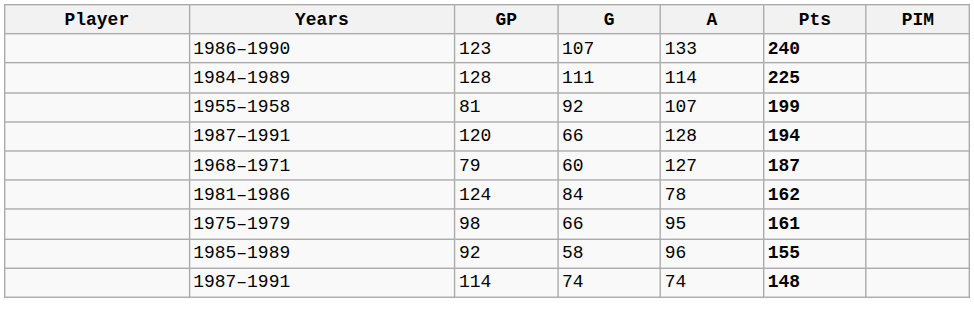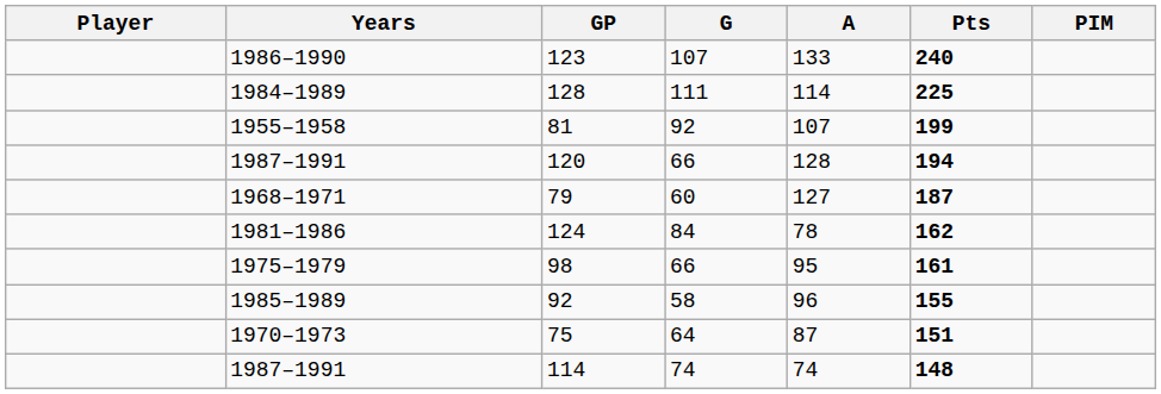 <table class="wikitable sortable" width ="700" cellpadding="1" border="1" cellspacing="0">
 <tr>
 <th>Player</th>
 <th>Years</th>
 <th>GP</th>
 <th>G</th>
 <th>A</th>
 <th>Pts</th>
 <th>PIM</th>
 </tr>
 <tr>
 <td></td>
 <td>1986–1990</td>
 <td>123</td>
 <td>107</td>
 <td>133</td>
 <td><strong>240</strong></td>
 <td></td>
 </tr>
 <tr>
 <td></td>
 <td>1984–1989</td>
 <td>128</td>
 <td>111</td>
 <td>114</td>
 <td><strong>225</strong></td>
 <td></td>
 </tr>
 <tr>
 <td></td>
 <td>1955–1958</td>
 <td>81</td>
 <td>92</td>
 <td>107</td>
 <td><strong>199</strong></td>
 <td></td>
 </tr>
 <tr>
 <td></td>
 <td>1987–1991</td>
 <td>120</td>
 <td>66</td>
 <td>128</td>
 <td><strong>194</strong></td>
 <td></td>
 </tr>
 <tr>
 <td></td>
 <td>1968–1971</td>
 <td>79</td>
 <td>60</td>
 <td>127</td>
 <td><strong>187</strong></td>
 <td></td>
 </tr>
 <tr>
 <td></td>
 <td>1981–1986</td>
 <td>124</td>
 <td>84</td>
 <td>78</td>
 <td><strong>162</strong></td>
 <td></td>
 </tr>
 <tr>
 <td></td>
 <td>1975–1979</td>
 <td>98</td>
 <td>66</td>
 <td>95</td>
 <td><strong>161</strong></td>
 <td></td>
 </tr>
 <tr>
 <td></td>
 <td>1985–1989</td>
 <td>92</td>
 <td>58</td>
 <td>96</td>
 <td><strong>155</strong></td>
 <td></td>
 </tr>
 <tr>
 <td></td>
+<td>1970–1973</td>
+<td>75</td>
+<td>64</td>
+<td>87</td>
+<td><strong>151</strong></td>
+<td></td>
+</tr>
+<tr>
+<td></td>
 <td>1987–1991</td>
 <td>114</td>
 <td>74</td>
 <td>74</td>
 <td><strong>148</strong></td>
 <td></td>
 </tr>
 </table>
